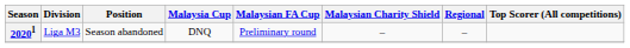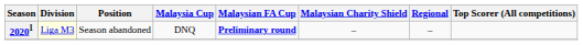 <table class="wikitable" style="font-size:89%;">
 <tr>
 <th>Season</th>
 <th>Division</th>
 <th>Position</th>
 <th><a href='#'>Malaysia Cup</a></th>
 <th><a href='#'>Malaysian FA Cup</a></th>
 <th><a href='#'>Malaysian Charity Shield</a></th>
 <th><a href='#'>Regional</a></th>
 <th>Top Scorer (All competitions)</th>
 </tr>
 <tr>
 <th style="text-align:center;"><a href='#'>2020</a><sup>1</sup></th>
-<td style="text-align:center;"><a href='#'>Liga M3</a></td>
+<td style="background: lightyellow; text-align:center;"><a href='#'>Liga M3</a></td>
 <td style="text-align:center;">Season abandoned</td>
 <td style="text-align:center;">DNQ</td>
-<td style="text-align:center;"><a href='#'>Preliminary round</a></td>
+<td style="text-align:center;"><strong><a href='#'>Preliminary round</a></strong></td>
 <td style="text-align:center;">–</td>
 <td style="text-align:center;">–</td>
 <td></td>
 </tr>
 <tr>
 </tr>
 </table>
